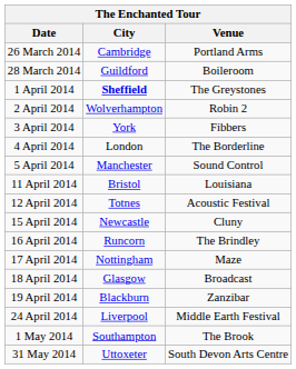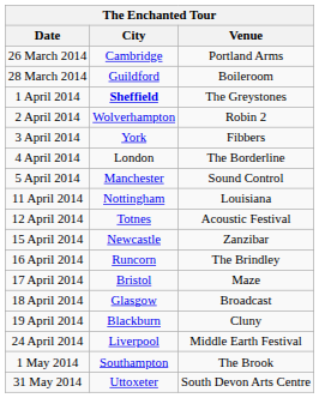 <table class="wikitable" style="text-align:center;">
 <tr>
 <th colspan=4>The Enchanted Tour</th>
 </tr>
 <tr>
 <th>Date</th>
 <th>City</th>
 <th>Venue</th>
 </tr>
 <tr>
 <td>26 March 2014</td>
 <td><a href='#'>Cambridge</a></td>
 <td>Portland Arms</td>
 </tr>
 <tr>
 <td>28 March 2014</td>
 <td><a href='#'>Guildford</a></td>
 <td>Boileroom</td>
 </tr>
 <tr>
 <td>1 April 2014</td>
 <td><strong><a href='#'>Sheffield</a></strong></td>
 <td>The Greystones</td>
 </tr>
 <tr>
 <td>2 April 2014</td>
 <td><a href='#'>Wolverhampton</a></td>
 <td>Robin 2</td>
 </tr>
 <tr>
 <td>3 April 2014</td>
 <td><a href='#'>York</a></td>
 <td>Fibbers</td>
 </tr>
 <tr>
 <td>4 April 2014</td>
 <td>London</td>
 <td>The Borderline</td>
 </tr>
 <tr>
 <td>5 April 2014</td>
 <td><a href='#'>Manchester</a></td>
 <td>Sound Control</td>
 </tr>
 <tr>
 <td>11 April 2014</td>
-<td><a href='#'>Bristol</a></td>
+<td><a href='#'>Nottingham</a></td>
 <td>Louisiana</td>
 </tr>
 <tr>
 <td>12 April 2014</td>
 <td><a href='#'>Totnes</a></td>
 <td>Acoustic Festival</td>
 </tr>
 <tr>
 <td>15 April 2014</td>
 <td><a href='#'>Newcastle</a></td>
-<td>Cluny</td>
+<td>Zanzibar</td>
 </tr>
 <tr>
 <td>16 April 2014</td>
 <td><a href='#'>Runcorn</a></td>
 <td>The Brindley</td>
 </tr>
 <tr>
 <td>17 April 2014</td>
-<td><a href='#'>Nottingham</a></td>
+<td><a href='#'>Bristol</a></td>
 <td>Maze</td>
 </tr>
 <tr>
 <td>18 April 2014</td>
 <td><a href='#'>Glasgow</a></td>
 <td>Broadcast</td>
 </tr>
 <tr>
 <td>19 April 2014</td>
 <td><a href='#'>Blackburn</a></td>
-<td>Zanzibar</td>
+<td>Cluny</td>
 </tr>
 <tr>
 <td>24 April 2014</td>
 <td><a href='#'>Liverpool</a></td>
 <td>Middle Earth Festival</td>
 </tr>
 <tr>
 <td>1 May 2014</td>
 <td><a href='#'>Southampton</a></td>
 <td>The Brook</td>
 </tr>
 <tr>
 <td>31 May 2014</td>
 <td><a href='#'>Uttoxeter</a></td>
 <td>South Devon Arts Centre</td>
 </tr>
 </table>
